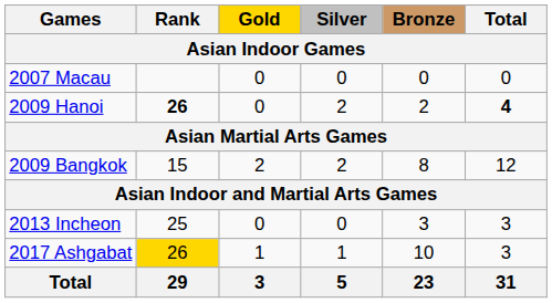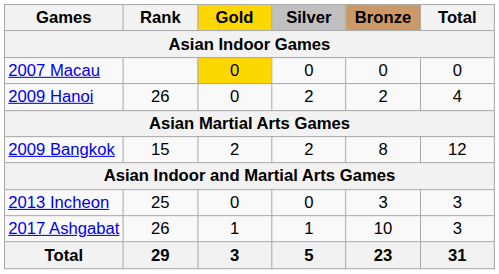 <table class="wikitable sortable" style="margin-top:0em; text-align:center; font-size:100%;">
 <tr>
 <th>Games</th>
 <th style="width:4em;">Rank</th>
 <th style="background:gold; width:4em;"><strong>Gold</strong></th>
 <th style="background:silver; width:4em;"><strong>Silver</strong></th>
 <th style="background:#cc9966; width:4em;"><strong>Bronze</strong></th>
 <th style="width:4em;">Total</th>
 </tr>
 <tr>
 <th colspan=6><strong>Asian Indoor Games</strong></th>
 </tr>
 <tr>
 <td align=left><a href='#'>2007 Macau</a></td>
 <td></td>
-<td>0</td>
+<td style="background: gold;">0</td>
 <td>0</td>
 <td>0</td>
 <td>0</td>
 </tr>
 <tr>
 <td align=left><a href='#'>2009 Hanoi</a></td>
-<td><strong>26</strong></td>
+<td>26</td>
 <td>0</td>
 <td>2</td>
 <td>2</td>
-<td><strong>4</strong></td>
+<td>4</td>
 </tr>
 <tr>
 <th colspan=6><strong>Asian Martial Arts Games</strong></th>
 </tr>
 <tr>
 <td align=left><a href='#'>2009 Bangkok</a></td>
 <td>15</td>
 <td>2</td>
 <td>2</td>
 <td>8</td>
 <td>12</td>
 </tr>
 <tr>
 <th colspan=6><strong>Asian Indoor and Martial Arts Games</strong></th>
 </tr>
 <tr>
 <td align=left><a href='#'>2013 Incheon</a></td>
 <td>25</td>
 <td>0</td>
 <td>0</td>
 <td>3</td>
 <td>3</td>
 </tr>
 <tr>
 <td align=left><a href='#'>2017 Ashgabat</a></td>
-<td style="background: gold;">26</td>
+<td>26</td>
 <td>1</td>
 <td>1</td>
 <td>10</td>
 <td>3</td>
 </tr>
 <tr>
 <th>Total</th>
 <th>29</th>
 <th>3</th>
 <th>5</th>
 <th>23</th>
 <th>31</th>
 </tr>
 </table>
